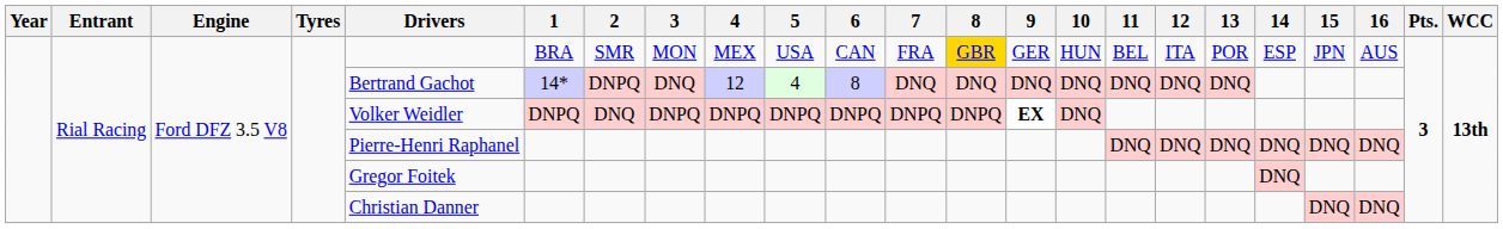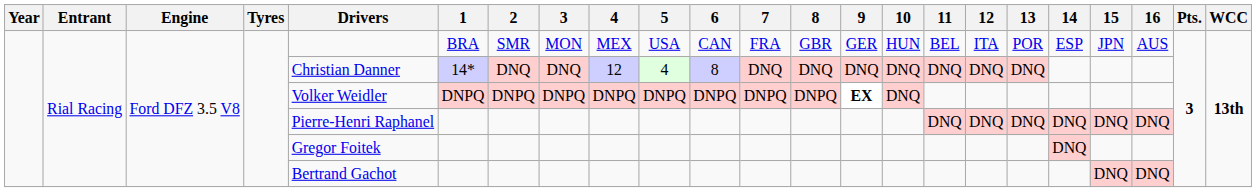 <table class="wikitable" style="text-align:center; font-size:95%">
 <tr>
 <th>Year</th>
 <th>Entrant</th>
 <th>Engine</th>
 <th>Tyres</th>
 <th>Drivers</th>
 <th>1</th>
 <th>2</th>
 <th>3</th>
 <th>4</th>
 <th>5</th>
 <th>6</th>
 <th>7</th>
 <th>8</th>
 <th>9</th>
 <th>10</th>
 <th>11</th>
 <th>12</th>
 <th>13</th>
 <th>14</th>
 <th>15</th>
 <th>16</th>
 <th>Pts.</th>
 <th>WCC</th>
 </tr>
 <tr>
 <td rowspan="6"></td>
 <td rowspan="6"><a href='#'>Rial Racing</a></td>
 <td rowspan="6"><a href='#'>Ford DFZ</a> 3.5 <a href='#'>V8</a></td>
 <td rowspan="6"></td>
 <td></td>
 <td><a href='#'>BRA</a></td>
 <td><a href='#'>SMR</a></td>
 <td><a href='#'>MON</a></td>
 <td><a href='#'>MEX</a></td>
 <td><a href='#'>USA</a></td>
 <td><a href='#'>CAN</a></td>
 <td><a href='#'>FRA</a></td>
-<td style="background: gold;"><a href='#'>GBR</a></td>
+<td><a href='#'>GBR</a></td>
 <td><a href='#'>GER</a></td>
 <td><a href='#'>HUN</a></td>
 <td><a href='#'>BEL</a></td>
 <td><a href='#'>ITA</a></td>
 <td><a href='#'>POR</a></td>
 <td><a href='#'>ESP</a></td>
 <td><a href='#'>JPN</a></td>
 <td><a href='#'>AUS</a></td>
 <td rowspan="6"><strong>3</strong></td>
 <td rowspan="6"><strong>13th</strong></td>
 </tr>
 <tr>
-<td align="left"><a href='#'>Bertrand Gachot</a></td>
+<td align="left"><a href='#'>Christian Danner</a></td>
 <td style="background:#cfcfff;">14*</td>
-<td style="background:#ffcfcf;">DNPQ</td>
+<td style="background:#ffcfcf;">DNQ</td>
 <td style="background:#ffcfcf;">DNQ</td>
 <td style="background:#cfcfff;">12</td>
 <td style="background:#dfffdf;">4</td>
 <td style="background:#cfcfff;">8</td>
 <td style="background:#ffcfcf;">DNQ</td>
 <td style="background:#ffcfcf;">DNQ</td>
 <td style="background:#ffcfcf;">DNQ</td>
 <td style="background:#ffcfcf;">DNQ</td>
 <td style="background:#ffcfcf;">DNQ</td>
 <td style="background:#ffcfcf;">DNQ</td>
 <td style="background:#ffcfcf;">DNQ</td>
 <td></td>
 <td></td>
 <td></td>
 </tr>
 <tr>
 <td align="left"><a href='#'>Volker Weidler</a></td>
 <td style="background:#ffcfcf;">DNPQ</td>
-<td style="background:#ffcfcf;">DNQ</td>
+<td style="background:#ffcfcf;">DNPQ</td>
 <td style="background:#ffcfcf;">DNPQ</td>
 <td style="background:#ffcfcf;">DNPQ</td>
 <td style="background:#ffcfcf;">DNPQ</td>
 <td style="background:#ffcfcf;">DNPQ</td>
 <td style="background:#ffcfcf;">DNPQ</td>
 <td style="background:#ffcfcf;">DNPQ</td>
 <td style="background:#ffffff;"><strong>EX</strong></td>
 <td style="background:#ffcfcf;">DNQ</td>
 <td></td>
 <td></td>
 <td></td>
 <td></td>
 <td></td>
 <td></td>
 </tr>
 <tr>
 <td align="left"><a href='#'>Pierre-Henri Raphanel</a></td>
 <td></td>
 <td></td>
 <td></td>
 <td></td>
 <td></td>
 <td></td>
 <td></td>
 <td></td>
 <td></td>
 <td></td>
 <td style="background:#ffcfcf;">DNQ</td>
 <td style="background:#ffcfcf;">DNQ</td>
 <td style="background:#ffcfcf;">DNQ</td>
 <td style="background:#ffcfcf;">DNQ</td>
 <td style="background:#ffcfcf;">DNQ</td>
 <td style="background:#ffcfcf;">DNQ</td>
 </tr>
 <tr>
 <td align="left"><a href='#'>Gregor Foitek</a></td>
 <td></td>
 <td></td>
 <td></td>
 <td></td>
 <td></td>
 <td></td>
 <td></td>
 <td></td>
 <td></td>
 <td></td>
 <td></td>
 <td></td>
 <td></td>
 <td style="background:#ffcfcf;">DNQ</td>
 <td></td>
 <td></td>
 </tr>
 <tr>
-<td align="left"><a href='#'>Christian Danner</a></td>
+<td align="left"><a href='#'>Bertrand Gachot</a></td>
 <td></td>
 <td></td>
 <td></td>
 <td></td>
 <td></td>
 <td></td>
 <td></td>
 <td></td>
 <td></td>
 <td></td>
 <td></td>
 <td></td>
 <td></td>
 <td></td>
 <td style="background:#ffcfcf;">DNQ</td>
 <td style="background:#ffcfcf;">DNQ</td>
 </tr>
 <tr>
 </tr>
 </table>
